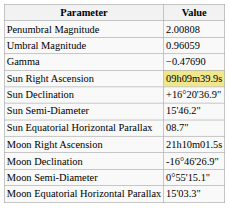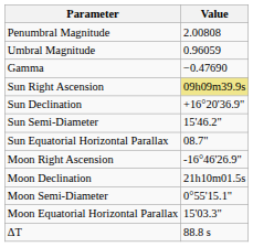 <table class="wikitable">
 <tr>
 <th>Parameter</th>
 <th>Value</th>
 </tr>
 <tr>
 <td>Penumbral Magnitude</td>
 <td>2.00808</td>
 </tr>
 <tr>
 <td>Umbral Magnitude</td>
 <td>0.96059</td>
 </tr>
 <tr>
 <td>Gamma</td>
 <td>−0.47690</td>
 </tr>
 <tr>
 <td>Sun Right Ascension</td>
 <td style="background: khaki;">09h09m39.9s</td>
 </tr>
 <tr>
 <td>Sun Declination</td>
 <td>+16°20'36.9"</td>
 </tr>
 <tr>
 <td>Sun Semi-Diameter</td>
 <td>15'46.2"</td>
 </tr>
 <tr>
 <td>Sun Equatorial Horizontal Parallax</td>
 <td>08.7"</td>
 </tr>
 <tr>
 <td>Moon Right Ascension</td>
-<td>21h10m01.5s</td>
+<td>-16°46'26.9"</td>
 </tr>
 <tr>
 <td>Moon Declination</td>
-<td>-16°46'26.9"</td>
+<td>21h10m01.5s</td>
 </tr>
 <tr>
 <td>Moon Semi-Diameter</td>
 <td>0°55'15.1"</td>
 </tr>
 <tr>
 <td>Moon Equatorial Horizontal Parallax</td>
 <td>15'03.3"</td>
 </tr>
+<tr>
+<td>ΔT</td>
+<td>88.8 s</td>
+</tr>
 </table>
